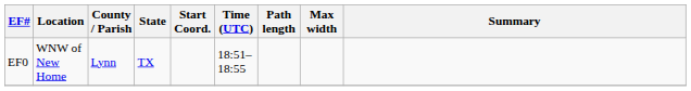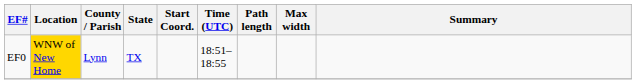 <table class="wikitable sortable" style="width:100%;">
 <tr>
 <th scope="col"  style="width:3%; text-align:center;"><a href='#'>EF#</a></th>
 <th scope="col"  style="width:7%; text-align:center;" class="unsortable">Location</th>
 <th scope="col"  style="width:6%; text-align:center;" class="unsortable">County / Parish</th>
 <th scope="col"  style="width:5%; text-align:center;">State</th>
 <th scope="col"  style="width:6%; text-align:center;">Start Coord.</th>
 <th scope="col"  style="width:6%; text-align:center;">Time (<a href='#'>UTC</a>)</th>
 <th scope="col"  style="width:6%; text-align:center;">Path length</th>
 <th scope="col"  style="width:6%; text-align:center;">Max width</th>
 <th scope="col" class="unsortable" style="width:48%; text-align:center;">Summary</th>
 </tr>
 <tr>
 <td>EF0</td>
-<td>WNW of <a href='#'>New Home</a></td>
+<td style="background: gold;">WNW of <a href='#'>New Home</a></td>
 <td><a href='#'>Lynn</a></td>
 <td><a href='#'>TX</a></td>
 <td></td>
 <td>18:51–18:55</td>
 <td></td>
 <td></td>
 <td></td>
 </tr>
 <tr>
 </tr>
 </table>
